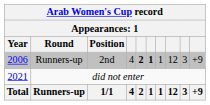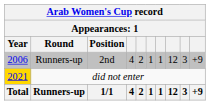 <table class="wikitable" style="text-align: center;">
 <tr>
 <th colspan=10><a href='#'>Arab Women's Cup</a> record</th>
 </tr>
 <tr>
 <th colspan=10>Appearances: 1</th>
 </tr>
 <tr>
 <th>Year</th>
 <th>Round</th>
 <th>Position</th>
 <th></th>
 <th></th>
 <th></th>
 <th></th>
 <th></th>
 <th></th>
 <th></th>
 </tr>
 <tr bgcolor=silver>
 <td> <a href='#'>2006</a></td>
 <td>Runners-up</td>
 <td>2nd</td>
 <td>4</td>
-<td><strong>2</strong></td>
-<td><strong>1</strong></td>
+<td>2</td>
+<td>1</td>
 <td>1</td>
 <td>12</td>
 <td>3</td>
 <td>+9</td>
 </tr>
 <tr>
-<td> <a href='#'>2021</a></td>
+<td style="background: gold;"> <a href='#'>2021</a></td>
 <td rowspan=1 colspan=9><em>did not enter</em></td>
 </tr>
 <tr>
 <th>Total</th>
 <th>Runners-up</th>
 <th>1/1</th>
 <th>4</th>
 <th>2</th>
 <th>1</th>
 <th>1</th>
 <th>12</th>
 <th>3</th>
 <th>+9</th>
 </tr>
 </table>
